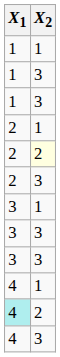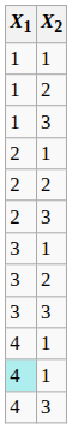 <table class="wikitable">
 <tr>
 <th><em>X</em><sub>1</sub></th>
 <th><em>X</em><sub>2</sub></th>
 </tr>
 <tr>
 <td>1</td>
 <td>1</td>
 </tr>
 <tr>
 <td>1</td>
-<td>3</td>
+<td>2</td>
 </tr>
 <tr>
 <td>1</td>
 <td>3</td>
 </tr>
 <tr>
 <td>2</td>
 <td>1</td>
 </tr>
 <tr>
 <td>2</td>
-<td style="background: lightyellow;">2</td>
+<td>2</td>
 </tr>
 <tr>
 <td>2</td>
 <td>3</td>
 </tr>
 <tr>
 <td>3</td>
 <td>1</td>
 </tr>
 <tr>
 <td>3</td>
-<td>3</td>
+<td>2</td>
 </tr>
 <tr>
 <td>3</td>
 <td>3</td>
 </tr>
 <tr>
 <td>4</td>
 <td>1</td>
 </tr>
 <tr>
 <td style="background: paleturquoise;">4</td>
-<td>2</td>
+<td>1</td>
 </tr>
 <tr>
 <td>4</td>
 <td>3</td>
 </tr>
 </table>
